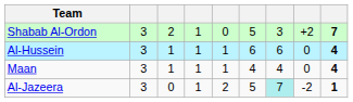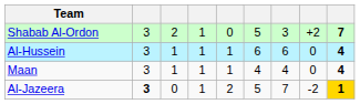 <table class="wikitable" style="text-align: center;">
 <tr>
 <th width="165">Team</th>
 <th width="30"></th>
 <th width="30"></th>
 <th width="30"></th>
 <th width="30"></th>
 <th width="30"></th>
 <th width="30"></th>
 <th width="30"></th>
 <th width="30"></th>
 </tr>
 <tr bgcolor="#ccffcc">
 <td align="left"><a href='#'>Shabab Al-Ordon</a></td>
 <td>3</td>
 <td>2</td>
 <td>1</td>
 <td>0</td>
 <td>5</td>
 <td>3</td>
 <td>+2</td>
 <td><strong>7</strong></td>
 </tr>
 <tr bgcolor="#bbf3ff">
 <td align="left"><a href='#'>Al-Hussein</a></td>
 <td>3</td>
 <td>1</td>
 <td>1</td>
 <td>1</td>
 <td>6</td>
 <td>6</td>
 <td>0</td>
 <td><strong>4</strong></td>
 </tr>
 <tr>
 <td align="left"><a href='#'>Maan</a></td>
 <td>3</td>
 <td>1</td>
 <td>1</td>
 <td>1</td>
 <td>4</td>
 <td>4</td>
 <td>0</td>
 <td><strong>4</strong></td>
 </tr>
 <tr>
 <td align="left"><a href='#'>Al-Jazeera</a></td>
-<td>3</td>
+<td><strong>3</strong></td>
 <td>0</td>
 <td>1</td>
 <td>2</td>
 <td>5</td>
-<td style="background: paleturquoise;">7</td>
+<td>7</td>
 <td>-2</td>
-<td><strong>1</strong></td>
+<td style="background: gold;"><strong>1</strong></td>
 </tr>
 </table>
